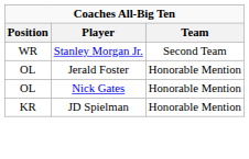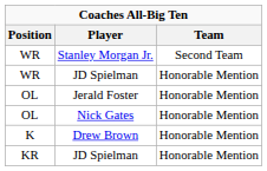 <table class="wikitable sortable" style="text-align:center">
 <tr>
 <td colspan="3"><strong>Coaches All-Big Ten</strong></td>
 </tr>
 <tr>
 <th>Position</th>
 <th>Player</th>
 <th>Team</th>
 </tr>
 <tr style="text-align:center;">
 <td style="background:white">WR</td>
 <td style="background:white"><a href='#'>Stanley Morgan Jr.</a></td>
 <td style="background:white">Second Team</td>
 </tr>
 <tr style="text-align:center;">
+<td style="background:white">WR</td>
+<td style="background:white">JD Spielman</td>
+<td style="background:white">Honorable Mention</td>
+</tr>
+<tr style="text-align:center;">
 <td style="background:white">OL</td>
 <td style="background:white">Jerald Foster</td>
 <td style="background:white">Honorable Mention</td>
 </tr>
 <tr style="text-align:center;">
 <td style="background:white">OL</td>
 <td style="background:white"><a href='#'>Nick Gates</a></td>
 <td style="background:white">Honorable Mention</td>
 </tr>
 <tr style="text-align:center;">
+<td style="background:white">K</td>
+<td style="background:white"><a href='#'>Drew Brown</a></td>
+<td style="background:white">Honorable Mention</td>
+</tr>
+<tr style="text-align:center;">
 <td style="background:white">KR</td>
 <td style="background:white">JD Spielman</td>
 <td style="background:white">Honorable Mention</td>
 </tr>
 </table>
